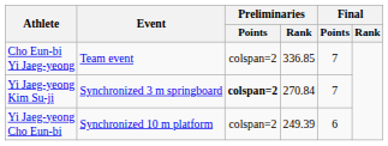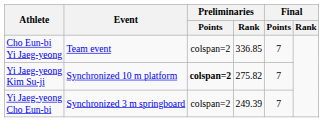 <table class="wikitable" style="text-align:center; font-size:90%">
 <tr>
 <th rowspan="2">Athlete</th>
 <th rowspan="2">Event</th>
 <th colspan="2">Preliminaries</th>
 <th colspan="2">Final</th>
 </tr>
 <tr style="font-size:95%">
 <th>Points</th>
 <th>Rank</th>
 <th>Points</th>
 <th>Rank</th>
 </tr>
 <tr>
 <td align=left><a href='#'>Cho Eun-bi</a><br><a href='#'>Yi Jaeg-yeong</a></td>
 <td align=left><a href='#'>Team event</a></td>
 <td>colspan=2 </td>
 <td>336.85</td>
 <td>7</td>
 </tr>
 <tr>
 <td align=left><a href='#'>Yi Jaeg-yeong</a><br><a href='#'>Kim Su-ji</a></td>
-<td align=left><a href='#'>Synchronized 3 m springboard</a></td>
+<td align=left><a href='#'>Synchronized 10 m platform</a></td>
 <td><strong>colspan=2 </strong></td>
-<td>270.84</td>
+<td>275.82</td>
 <td>7</td>
 </tr>
 <tr>
 <td align=left><a href='#'>Yi Jaeg-yeong</a><br><a href='#'>Cho Eun-bi</a></td>
-<td align=left><a href='#'>Synchronized 10 m platform</a></td>
+<td align=left><a href='#'>Synchronized 3 m springboard</a></td>
 <td>colspan=2 </td>
 <td>249.39</td>
-<td>6</td>
+<td>7</td>
 </tr>
 </table>
